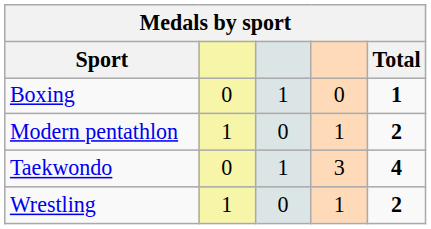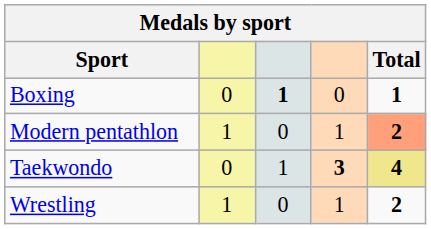 <table class="wikitable" style="font-size:90%; text-align:center;">
 <tr>
 <th colspan="5">Medals by sport</th>
 </tr>
 <tr>
 <th width="120">Sport</th>
 <th scope="col" width="30" style="background:#F7F6A8;"></th>
 <th scope="col" width="30" style="background:#DCE5E5;"></th>
 <th scope="col" width="30" style="background:#FFDAB9;"></th>
 <th width="30">Total</th>
 </tr>
 <tr>
 <td align="left"><a href='#'>Boxing</a></td>
 <td style="background:#F7F6A8;">0</td>
-<td style="background:#DCE5E5;">1</td>
+<td style="background:#DCE5E5;"><strong>1</strong></td>
 <td style="background:#FFDAB9;">0</td>
 <td><strong>1</strong></td>
 </tr>
 <tr>
 <td align="left"><a href='#'>Modern pentathlon</a></td>
 <td style="background:#F7F6A8;">1</td>
 <td style="background:#DCE5E5;">0</td>
 <td style="background:#FFDAB9;">1</td>
-<td><strong>2</strong></td>
+<td style="background: lightsalmon;"><strong>2</strong></td>
 </tr>
 <tr>
 <td align="left"><a href='#'>Taekwondo</a></td>
 <td style="background:#F7F6A8;">0</td>
 <td style="background:#DCE5E5;">1</td>
-<td style="background:#FFDAB9;">3</td>
-<td><strong>4</strong></td>
+<td style="background:#FFDAB9;"><strong>3</strong></td>
+<td style="background: khaki;"><strong>4</strong></td>
 </tr>
 <tr>
 <td align="left"><a href='#'>Wrestling</a></td>
 <td style="background:#F7F6A8;">1</td>
 <td style="background:#DCE5E5;">0</td>
 <td style="background:#FFDAB9;">1</td>
 <td><strong>2</strong></td>
 </tr>
 </table>
